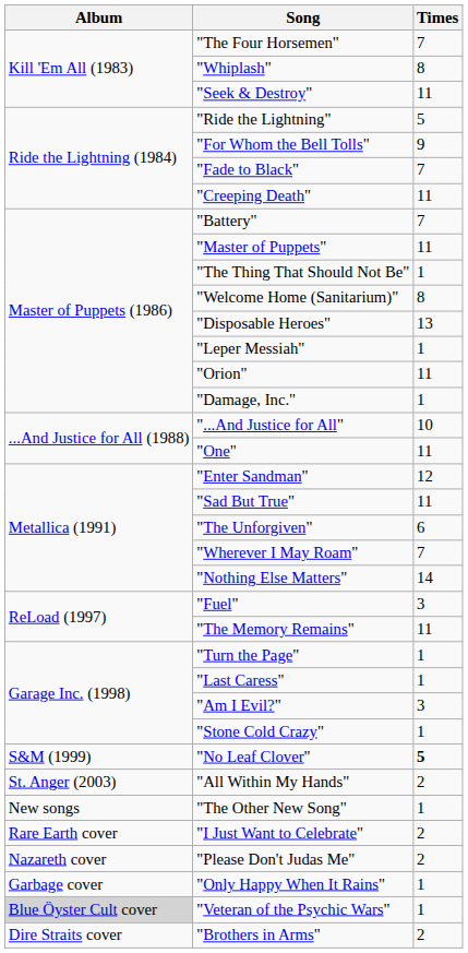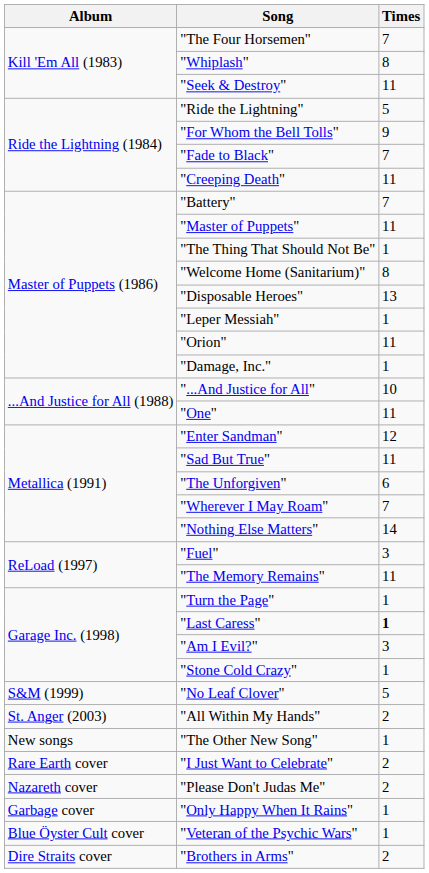 <table class="wikitable sortable">
 <tr>
 <th>Album</th>
 <th>Song</th>
 <th>Times</th>
 </tr>
 <tr>
 <td rowspan="3"><a href='#'>Kill 'Em All</a> (1983)</td>
 <td>"The Four Horsemen"</td>
 <td>7</td>
 </tr>
 <tr>
 <td>"<a href='#'>Whiplash</a>"</td>
 <td>8</td>
 </tr>
 <tr>
 <td>"<a href='#'>Seek & Destroy</a>"</td>
 <td>11</td>
 </tr>
 <tr>
 <td rowspan="4"><a href='#'>Ride the Lightning</a> (1984)</td>
 <td>"Ride the Lightning"</td>
 <td>5</td>
 </tr>
 <tr>
 <td>"<a href='#'>For Whom the Bell Tolls</a>"</td>
 <td>9</td>
 </tr>
 <tr>
 <td>"<a href='#'>Fade to Black</a>"</td>
 <td>7</td>
 </tr>
 <tr>
 <td>"<a href='#'>Creeping Death</a>"</td>
 <td>11</td>
 </tr>
 <tr>
 <td rowspan="8"><a href='#'>Master of Puppets</a> (1986)</td>
 <td>"Battery"</td>
 <td>7</td>
 </tr>
 <tr>
 <td>"<a href='#'>Master of Puppets</a>"</td>
 <td>11</td>
 </tr>
 <tr>
 <td>"The Thing That Should Not Be"</td>
 <td>1</td>
 </tr>
 <tr>
 <td>"Welcome Home (Sanitarium)"</td>
 <td>8</td>
 </tr>
 <tr>
 <td>"Disposable Heroes"</td>
 <td>13</td>
 </tr>
 <tr>
 <td>"Leper Messiah"</td>
 <td>1</td>
 </tr>
 <tr>
 <td>"Orion"</td>
 <td>11</td>
 </tr>
 <tr>
 <td>"Damage, Inc."</td>
 <td>1</td>
 </tr>
 <tr>
 <td rowspan="2"><a href='#'>...And Justice for All</a> (1988)</td>
 <td>"<a href='#'>...And Justice for All</a>"</td>
 <td>10</td>
 </tr>
 <tr>
 <td>"<a href='#'>One</a>"</td>
 <td>11</td>
 </tr>
 <tr>
 <td rowspan="5"><a href='#'>Metallica</a> (1991)</td>
 <td>"<a href='#'>Enter Sandman</a>"</td>
 <td>12</td>
 </tr>
 <tr>
 <td>"<a href='#'>Sad But True</a>"</td>
 <td>11</td>
 </tr>
 <tr>
 <td>"<a href='#'>The Unforgiven</a>"</td>
 <td>6</td>
 </tr>
 <tr>
 <td>"<a href='#'>Wherever I May Roam</a>"</td>
 <td>7</td>
 </tr>
 <tr>
 <td>"<a href='#'>Nothing Else Matters</a>"</td>
 <td>14</td>
 </tr>
 <tr>
 <td rowspan="2"><a href='#'>ReLoad</a> (1997)</td>
 <td>"<a href='#'>Fuel</a>"</td>
 <td>3</td>
 </tr>
 <tr>
 <td>"<a href='#'>The Memory Remains</a>"</td>
 <td>11</td>
 </tr>
 <tr>
 <td rowspan="4"><a href='#'>Garage Inc.</a> (1998)</td>
 <td>"<a href='#'>Turn the Page</a>"</td>
 <td>1</td>
 </tr>
 <tr>
 <td>"<a href='#'>Last Caress</a>"</td>
-<td>1</td>
+<td><strong>1</strong></td>
 </tr>
 <tr>
 <td>"<a href='#'>Am I Evil?</a>"</td>
 <td>3</td>
 </tr>
 <tr>
 <td>"<a href='#'>Stone Cold Crazy</a>"</td>
 <td>1</td>
 </tr>
 <tr>
 <td><a href='#'>S&M</a> (1999)</td>
 <td>"<a href='#'>No Leaf Clover</a>"</td>
-<td><strong>5</strong></td>
+<td>5</td>
 </tr>
 <tr>
 <td><a href='#'>St. Anger</a> (2003)</td>
 <td>"All Within My Hands"</td>
 <td>2</td>
 </tr>
 <tr>
 <td>New songs</td>
 <td>"The Other New Song"</td>
 <td>1</td>
 </tr>
 <tr>
 <td><a href='#'>Rare Earth</a> cover</td>
 <td>"<a href='#'>I Just Want to Celebrate</a>"</td>
 <td>2</td>
 </tr>
 <tr>
 <td><a href='#'>Nazareth</a> cover</td>
 <td>"Please Don't Judas Me"</td>
 <td>2</td>
 </tr>
 <tr>
 <td><a href='#'>Garbage</a> cover</td>
 <td>"<a href='#'>Only Happy When It Rains</a>"</td>
 <td>1</td>
 </tr>
 <tr>
-<td style="background: lightgrey;"><a href='#'>Blue Öyster Cult</a> cover</td>
+<td><a href='#'>Blue Öyster Cult</a> cover</td>
 <td>"<a href='#'>Veteran of the Psychic Wars</a>"</td>
 <td>1</td>
 </tr>
 <tr>
 <td><a href='#'>Dire Straits</a> cover</td>
 <td>"<a href='#'>Brothers in Arms</a>"</td>
 <td>2</td>
 </tr>
 </table>
